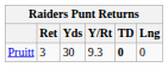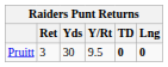 <table class="wikitable">
 <tr>
 <th colspan="6">Raiders Punt Returns</th>
 </tr>
 <tr>
 <th></th>
 <th>Ret</th>
 <th>Yds</th>
 <th>Y/Rt</th>
 <th>TD</th>
 <th>Lng</th>
 </tr>
 <tr>
 <td><a href='#'>Pruitt</a></td>
 <td>3</td>
 <td>30</td>
-<td>9.3</td>
+<td>9.5</td>
 <td><strong>0</strong></td>
-<td>0</td>
+<td><strong>0</strong></td>
 </tr>
 </table>
